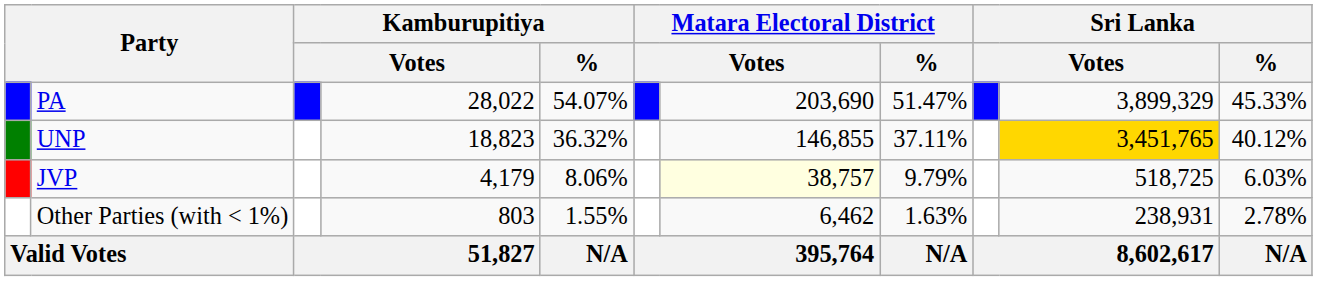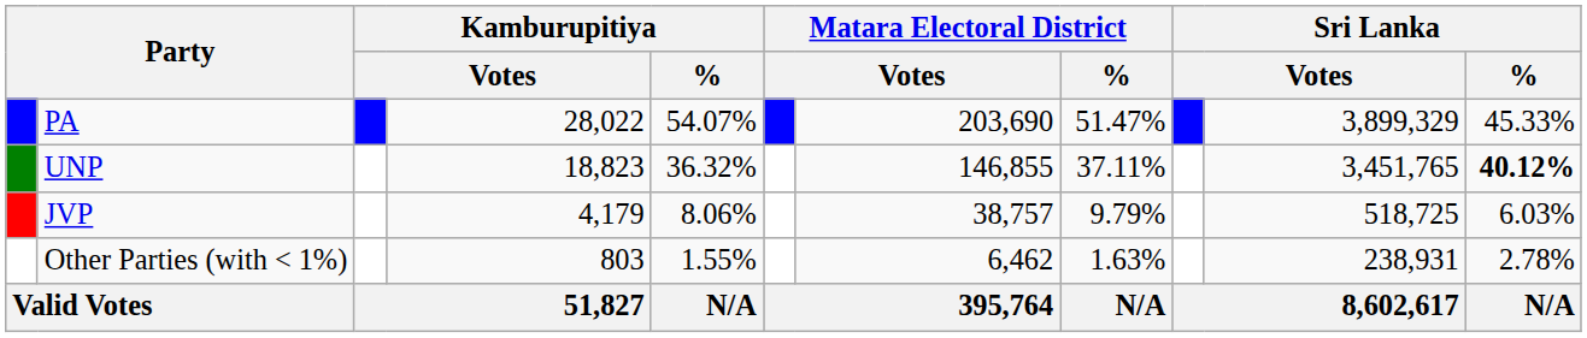 <table class="wikitable">
 <tr>
 <th colspan="2" width="144px"rowspan="2">Party</th>
 <th colspan="3" width="216px">Kamburupitiya</th>
 <th colspan="3" width="216px"><a href='#'>Matara Electoral District</a></th>
 <th colspan="3" width="216px">Sri Lanka</th>
 </tr>
 <tr>
 <th colspan="2" width="144px">Votes</th>
 <th>%</th>
 <th colspan="2" width="144px">Votes</th>
 <th>%</th>
 <th colspan="2" width="144px">Votes</th>
 <th>%</th>
 </tr>
 <tr>
 <td style="background-color:blue;" width="10px"></td>
 <td style="text-align:left;"><a href='#'>PA</a></td>
 <td style="background-color:blue;" width="10px"></td>
 <td style="text-align:right;">28,022</td>
 <td style="text-align:right;">54.07%</td>
 <td style="background-color:blue;" width="10px"></td>
 <td style="text-align:right;">203,690</td>
 <td style="text-align:right;">51.47%</td>
 <td style="background-color:blue;" width="10px"></td>
 <td style="text-align:right;">3,899,329</td>
 <td style="text-align:right;">45.33%</td>
 </tr>
 <tr>
 <td style="background-color:green;" width="10px"></td>
 <td style="text-align:left;"><a href='#'>UNP</a></td>
 <td style="background-color:white;" width="10px"></td>
 <td style="text-align:right;">18,823</td>
 <td style="text-align:right;">36.32%</td>
 <td style="background-color:white;" width="10px"></td>
 <td style="text-align:right;">146,855</td>
 <td style="text-align:right;">37.11%</td>
 <td style="background-color:white;" width="10px"></td>
-<td style="background: gold; text-align:right;">3,451,765</td>
-<td style="text-align:right;">40.12%</td>
+<td style="text-align:right;">3,451,765</td>
+<td style="text-align:right;"><strong>40.12%</strong></td>
 </tr>
 <tr>
 <td style="background-color:red;" width="10px"></td>
 <td style="text-align:left;"><a href='#'>JVP</a></td>
 <td style="background-color:white;" width="10px"></td>
 <td style="text-align:right;">4,179</td>
 <td style="text-align:right;">8.06%</td>
 <td style="background-color:white;" width="10px"></td>
-<td style="background: lightyellow; text-align:right;">38,757</td>
+<td style="text-align:right;">38,757</td>
 <td style="text-align:right;">9.79%</td>
 <td style="background-color:white;" width="10px"></td>
 <td style="text-align:right;">518,725</td>
 <td style="text-align:right;">6.03%</td>
 </tr>
 <tr>
 <td style="background-color:white;" width="10px"></td>
 <td style="text-align:left;">Other Parties (with < 1%)</td>
 <td style="background-color:white;" width="10px"></td>
 <td style="text-align:right;">803</td>
 <td style="text-align:right;">1.55%</td>
 <td style="background-color:white;" width="10px"></td>
 <td style="text-align:right;">6,462</td>
 <td style="text-align:right;">1.63%</td>
 <td style="background-color:white;" width="10px"></td>
 <td style="text-align:right;">238,931</td>
 <td style="text-align:right;">2.78%</td>
 </tr>
 <tr>
 <th colspan="2" width="144px"style="text-align:left;">Valid Votes</th>
 <th style="text-align:right;"colspan="2" width="144px">51,827</th>
 <th style="text-align:right;">N/A</th>
 <th style="text-align:right;"colspan="2" width="144px">395,764</th>
 <th style="text-align:right;">N/A</th>
 <th style="text-align:right;"colspan="2" width="144px">8,602,617</th>
 <th style="text-align:right;">N/A</th>
 </tr>
 </table>
